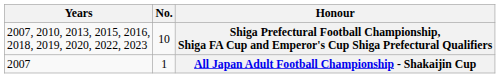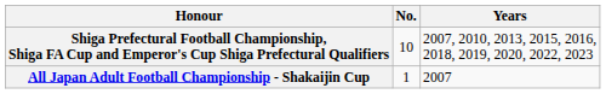 <table class="wikitable plainrowheaders">
 <tr>
+<th scope=col>Honour</th>
+<th scope=col>No.</th>
 <th scope=col>Years</th>
-<th scope=col>No.</th>
-<th scope=col>Honour</th>
 </tr>
 <tr>
+<th scope=row>Shiga Prefectural Football Championship,<br>Shiga FA Cup and Emperor's Cup Shiga Prefectural Qualifiers</th>
+<td align="center">10</td>
 <td>2007, 2010, 2013, 2015, 2016, <br> 2018, 2019, 2020, 2022, 2023</td>
-<td align="center">10</td>
-<th scope=row>Shiga Prefectural Football Championship,<br>Shiga FA Cup and Emperor's Cup Shiga Prefectural Qualifiers</th>
 </tr>
 <tr>
+<th scope=row><a href='#'>All Japan Adult Football Championship</a> - Shakaijin Cup</th>
+<td align="center">1</td>
 <td>2007</td>
-<td align="center">1</td>
-<th scope=row><a href='#'>All Japan Adult Football Championship</a> - Shakaijin Cup</th>
 </tr>
 </table>
